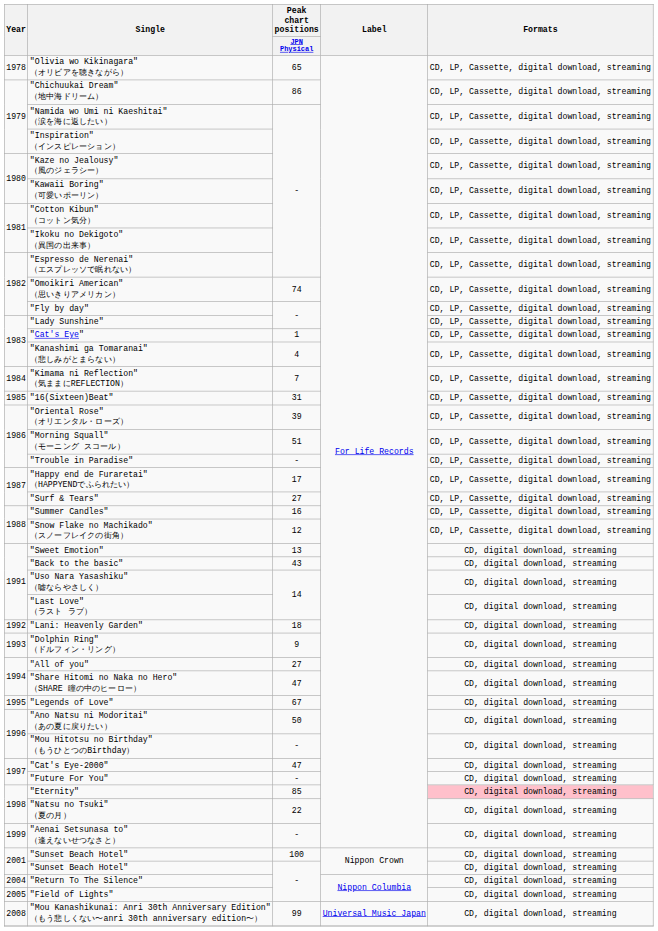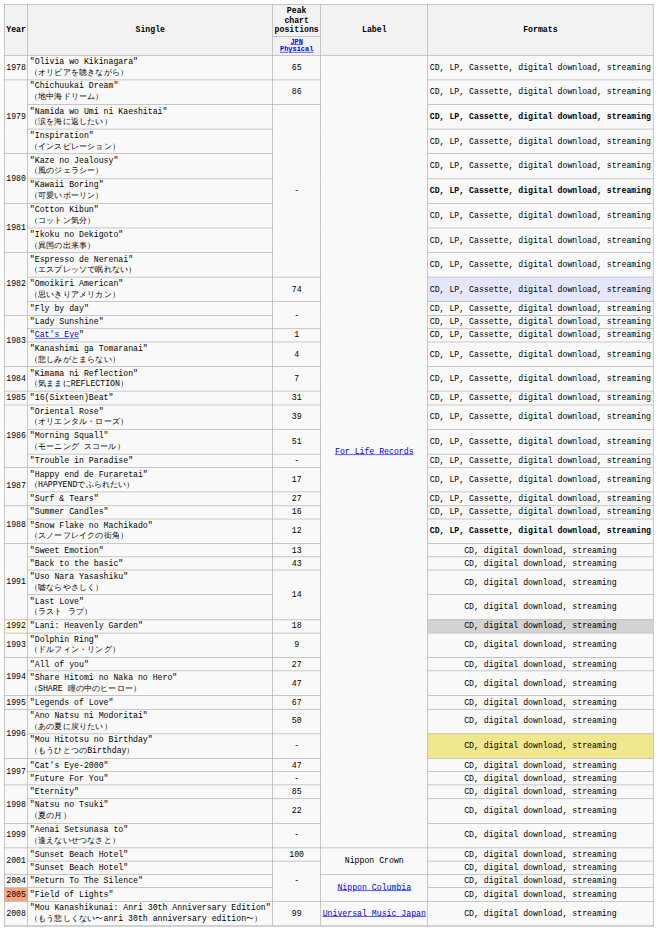 <table class="wikitable plainrowheaders" style="text-align:center;">
 <tr>
 <th scope="col" rowspan="2">Year</th>
 <th scope="col" rowspan="2">Single</th>
 <th scope="col" rowspan="1">Peak chart positions</th>
 <th scope="col" rowspan="2">Label</th>
 <th scope="col" rowspan="2">Formats</th>
 </tr>
 <tr>
 <th scope="col" style="width:2.5em;font-size:85%;"><a href='#'>JPN<br>Physical</a><br></th>
 </tr>
 <tr>
 <td rowspan="1">1978</td>
 <td style="text-align:left;">"Olivia wo Kikinagara"<br>（オリビアを聴きながら）</td>
 <td>65</td>
 <td rowspan="39"><a href='#'>For Life Records</a></td>
 <td>CD, LP, Cassette, digital download, streaming</td>
 </tr>
 <tr>
 <td rowspan="3">1979</td>
 <td style="text-align:left;">"Chichuukai Dream"<br>（地中海ドリーム）</td>
 <td>86</td>
 <td>CD, LP, Cassette, digital download, streaming</td>
 </tr>
 <tr>
 <td style="text-align:left;">"Namida wo Umi ni Kaeshitai"<br>（涙を海に返したい）</td>
 <td rowspan="7">-</td>
-<td>CD, LP, Cassette, digital download, streaming</td>
+<td><strong>CD, LP, Cassette, digital download, streaming</strong></td>
 </tr>
 <tr>
 <td style="text-align:left;">"Inspiration"<br>（インスピレーション）</td>
 <td>CD, LP, Cassette, digital download, streaming</td>
 </tr>
 <tr>
 <td rowspan="2">1980</td>
 <td style="text-align:left;">"Kaze no Jealousy"<br>（風のジェラシー）</td>
 <td>CD, LP, Cassette, digital download, streaming</td>
 </tr>
 <tr>
 <td style="text-align:left;">"Kawaii Boring"<br>（可愛いポーリン）</td>
-<td>CD, LP, Cassette, digital download, streaming</td>
+<td><strong>CD, LP, Cassette, digital download, streaming</strong></td>
 </tr>
 <tr>
 <td rowspan="2">1981</td>
 <td style="text-align:left;">"Cotton Kibun"<br>（コットン気分）</td>
 <td>CD, LP, Cassette, digital download, streaming</td>
 </tr>
 <tr>
 <td style="text-align:left;">"Ikoku no Dekigoto"<br>（異国の出来事）</td>
 <td>CD, LP, Cassette, digital download, streaming</td>
 </tr>
 <tr>
 <td rowspan="3">1982</td>
 <td style="text-align:left;">"Espresso de Nerenai"<br>（エスプレッソで眠れない）</td>
 <td>CD, LP, Cassette, digital download, streaming</td>
 </tr>
 <tr>
 <td style="text-align:left;">"Omoikiri American"<br>（思いきりアメリカン）</td>
 <td>74</td>
-<td>CD, LP, Cassette, digital download, streaming</td>
+<td style="background: lavender;">CD, LP, Cassette, digital download, streaming</td>
 </tr>
 <tr>
 <td style="text-align:left;">"Fly by day"</td>
 <td rowspan="2">-</td>
 <td>CD, LP, Cassette, digital download, streaming</td>
 </tr>
 <tr>
 <td rowspan="3">1983</td>
 <td style="text-align:left;">"Lady Sunshine"<br></td>
 <td>CD, LP, Cassette, digital download, streaming</td>
 </tr>
 <tr>
 <td style="text-align:left;">"<a href='#'>Cat's Eye</a>"<br></td>
 <td>1</td>
 <td>CD, LP, Cassette, digital download, streaming</td>
 </tr>
 <tr>
 <td style="text-align:left;">"Kanashimi ga Tomaranai"<br>（悲しみがとまらない）</td>
 <td>4</td>
 <td>CD, LP, Cassette, digital download, streaming</td>
 </tr>
 <tr>
 <td>1984</td>
 <td style="text-align:left;">"Kimama ni Reflection"<br>（気ままにREFLECTION）</td>
 <td>7</td>
 <td>CD, LP, Cassette, digital download, streaming</td>
 </tr>
 <tr>
 <td>1985</td>
 <td style="text-align:left;">"16(Sixteen)Beat"</td>
 <td>31</td>
 <td>CD, LP, Cassette, digital download, streaming</td>
 </tr>
 <tr>
 <td rowspan="3">1986</td>
 <td style="text-align:left;">"Oriental Rose"<br>（オリエンタル・ローズ）</td>
 <td>39</td>
 <td>CD, LP, Cassette, digital download, streaming</td>
 </tr>
 <tr>
 <td style="text-align:left;">"Morning Squall"<br>（モーニング スコール）</td>
 <td>51</td>
 <td>CD, LP, Cassette, digital download, streaming</td>
 </tr>
 <tr>
 <td style="text-align:left;">"Trouble in Paradise"<br></td>
 <td>-</td>
 <td>CD, LP, Cassette, digital download, streaming</td>
 </tr>
 <tr>
 <td rowspan="2">1987</td>
 <td style="text-align:left;">"Happy end de Furaretai"<br>（HAPPYENDでふられたい）</td>
 <td>17</td>
 <td>CD, LP, Cassette, digital download, streaming</td>
 </tr>
 <tr>
 <td style="text-align:left;">"Surf & Tears"<br></td>
 <td>27</td>
 <td>CD, LP, Cassette, digital download, streaming</td>
 </tr>
 <tr>
 <td rowspan="2">1988</td>
 <td style="text-align:left;">"Summer Candles"<br></td>
 <td>16</td>
 <td>CD, LP, Cassette, digital download, streaming</td>
 </tr>
 <tr>
 <td style="text-align:left;">"Snow Flake no Machikado"<br>（スノーフレイクの街角）</td>
 <td>12</td>
-<td>CD, LP, Cassette, digital download, streaming</td>
+<td><strong>CD, LP, Cassette, digital download, streaming</strong></td>
 </tr>
 <tr>
 <td rowspan="4">1991</td>
 <td style="text-align:left;">"Sweet Emotion"<br></td>
 <td>13</td>
 <td>CD, digital download, streaming</td>
 </tr>
 <tr>
 <td style="text-align:left;">"Back to the basic"<br></td>
 <td>43</td>
 <td>CD, digital download, streaming</td>
 </tr>
 <tr>
 <td style="text-align:left;">"Uso Nara Yasashiku"<br>（嘘ならやさしく）</td>
 <td rowspan="2">14</td>
 <td>CD, digital download, streaming</td>
 </tr>
 <tr>
 <td style="text-align:left;">"Last Love"<br>（ラスト ラブ）</td>
 <td>CD, digital download, streaming</td>
 </tr>
 <tr>
-<td>1992</td>
+<td style="background: lightyellow;">1992</td>
 <td style="text-align:left;">"Lani: Heavenly Garden"<br></td>
 <td>18</td>
-<td>CD, digital download, streaming</td>
+<td style="background: lightgrey;">CD, digital download, streaming</td>
 </tr>
 <tr>
 <td>1993</td>
 <td style="text-align:left;">"Dolphin Ring"<br>（ドルフィン・リング）</td>
 <td>9</td>
 <td>CD, digital download, streaming</td>
 </tr>
 <tr>
 <td rowspan="2">1994</td>
 <td style="text-align:left;">"All of you"<br></td>
 <td>27</td>
 <td>CD, digital download, streaming</td>
 </tr>
 <tr>
 <td style="text-align:left;">"Share Hitomi no Naka no Hero"<br>（SHARE 瞳の中のヒーロー）</td>
 <td>47</td>
 <td>CD, digital download, streaming</td>
 </tr>
 <tr>
 <td>1995</td>
 <td style="text-align:left;">"Legends of Love"<br></td>
 <td>67</td>
 <td>CD, digital download, streaming</td>
 </tr>
 <tr>
 <td rowspan="2">1996</td>
 <td style="text-align:left;">"Ano Natsu ni Modoritai"<br>（あの夏に戻りたい）</td>
 <td>50</td>
 <td>CD, digital download, streaming</td>
 </tr>
 <tr>
 <td style="text-align:left;">"Mou Hitotsu no Birthday"<br>（もうひとつのBirthday）</td>
 <td>-</td>
-<td>CD, digital download, streaming</td>
+<td style="background: khaki;">CD, digital download, streaming</td>
 </tr>
 <tr>
 <td rowspan="2">1997</td>
 <td style="text-align:left;">"Cat's Eye-2000"<br></td>
 <td>47</td>
 <td>CD, digital download, streaming</td>
 </tr>
 <tr>
 <td style="text-align:left;">"Future For You"<br></td>
 <td>-</td>
 <td>CD, digital download, streaming</td>
 </tr>
 <tr>
 <td rowspan="2">1998</td>
 <td style="text-align:left;">"Eternity"<br></td>
 <td>85</td>
-<td style="background: pink;">CD, digital download, streaming</td>
+<td>CD, digital download, streaming</td>
 </tr>
 <tr>
 <td style="text-align:left;">"Natsu no Tsuki"<br>（夏の月）</td>
 <td>22</td>
 <td>CD, digital download, streaming</td>
 </tr>
 <tr>
 <td>1999</td>
 <td style="text-align:left;">"Aenai Setsunasa to"<br>（逢えないせつなさと）</td>
 <td>-</td>
 <td>CD, digital download, streaming</td>
 </tr>
 <tr>
 <td rowspan="2">2001</td>
 <td style="text-align:left;">"Sunset Beach Hotel"<br></td>
 <td>100</td>
 <td rowspan="2">Nippon Crown</td>
 <td>CD, digital download, streaming</td>
 </tr>
 <tr>
 <td style="text-align:left;">"Sunset Beach Hotel"<br></td>
 <td rowspan="3">-</td>
 <td>CD, digital download, streaming</td>
 </tr>
 <tr>
 <td rowspan="1">2004</td>
 <td style="text-align:left;">"Return To The Silence"<br></td>
 <td rowspan="2"><a href='#'>Nippon Columbia</a></td>
 <td>CD, digital download, streaming</td>
 </tr>
 <tr>
-<td rowspan="1">2005</td>
+<td rowspan="1" style="background: lightsalmon;">2005</td>
 <td style="text-align:left;">"Field of Lights"<br></td>
 <td>CD, digital download, streaming</td>
 </tr>
 <tr>
 <td rowspan="1">2008</td>
 <td style="text-align:left;">"Mou Kanashikunai: Anri 30th Anniversary Edition"<br>（もう悲しくない〜anri 30th anniversary edition〜）</td>
 <td>99</td>
 <td><a href='#'>Universal Music Japan</a></td>
 <td>CD, digital download, streaming</td>
 </tr>
 <tr>
 </tr>
 </table>
